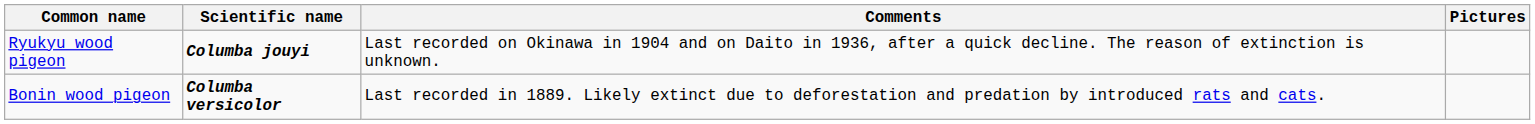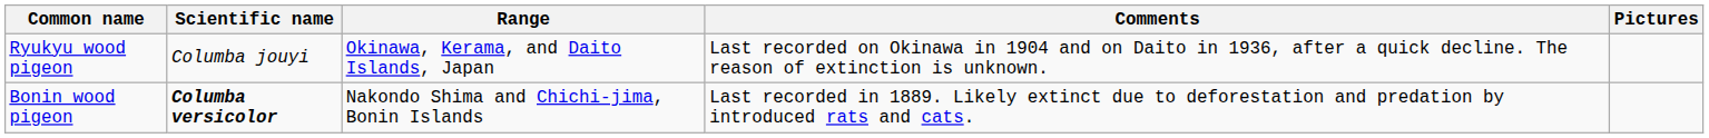 <table class="wikitable">
 <tr>
 <th>Common name</th>
 <th>Scientific name</th>
+<th>Range</th>
 <th class="unsortable">Comments</th>
 <th class="unsortable">Pictures</th>
 </tr>
 <tr>
 <td><a href='#'>Ryukyu wood pigeon</a></td>
-<td><strong><em>Columba jouyi</em></strong></td>
+<td><em>Columba jouyi</em></td>
+<td><a href='#'>Okinawa</a>, <a href='#'>Kerama</a>, and <a href='#'>Daito Islands</a>, Japan</td>
 <td>Last recorded on Okinawa in 1904 and on Daito in 1936, after a quick decline. The reason of extinction is unknown.</td>
 <td></td>
 </tr>
 <tr>
 <td><a href='#'>Bonin wood pigeon</a></td>
 <td><strong><em>Columba versicolor</em></strong></td>
+<td>Nakondo Shima and <a href='#'>Chichi-jima</a>, Bonin Islands</td>
 <td>Last recorded in 1889. Likely extinct due to deforestation and predation by introduced <a href='#'>rats</a> and <a href='#'>cats</a>.</td>
 <td></td>
 </tr>
 </table>
